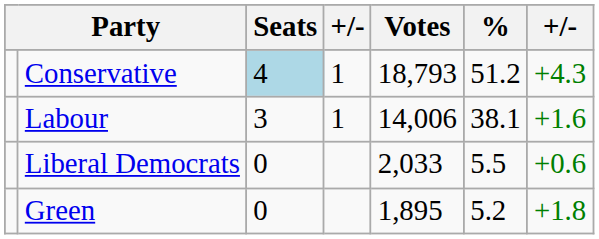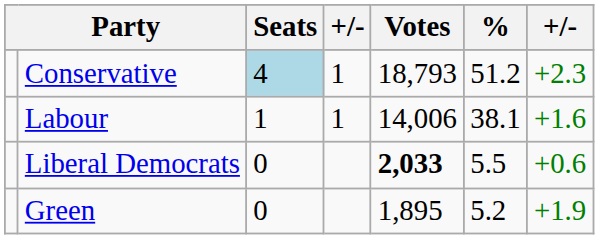 <table class="wikitable">
 <tr>
 <th colspan="2">Party</th>
 <th>Seats</th>
 <th>+/-</th>
 <th>Votes</th>
 <th>%</th>
 <th>+/-</th>
 </tr>
 <tr>
 <td style="background-color: "></td>
 <td><a href='#'>Conservative</a></td>
 <td style="background: lightblue;">4</td>
 <td> 1</td>
 <td>18,793</td>
 <td>51.2</td>
-<td style="color:green">+4.3</td>
+<td style="color:green">+2.3</td>
 </tr>
 <tr>
 <td style="background-color: "></td>
 <td><a href='#'>Labour</a></td>
-<td>3</td>
+<td>1</td>
 <td> 1</td>
 <td>14,006</td>
 <td>38.1</td>
 <td style="color:green">+1.6</td>
 </tr>
 <tr>
 <td style="background-color: "></td>
 <td><a href='#'>Liberal Democrats</a></td>
 <td>0</td>
 <td></td>
-<td>2,033</td>
+<td><strong>2,033</strong></td>
 <td>5.5</td>
 <td style="color:green">+0.6</td>
 </tr>
 <tr>
 <td style="background-color: "></td>
 <td><a href='#'>Green</a></td>
 <td>0</td>
 <td></td>
 <td>1,895</td>
 <td>5.2</td>
-<td style="color:green">+1.8</td>
+<td style="color:green">+1.9</td>
 </tr>
 </table>
